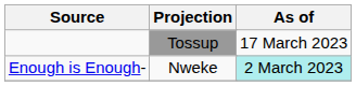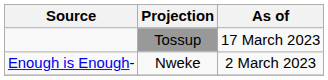 <table class="wikitable" style="text-align:center">
 <tr>
 <th>Source</th>
 <th colspan=2>Projection</th>
 <th>As of</th>
 </tr>
 <tr>
 <td align="left"></td>
 <td colspan=2 bgcolor=#999999>Tossup</td>
 <td>17 March 2023</td>
 </tr>
 <tr>
 <td align="left"><a href='#'>Enough is Enough</a>-<br></td>
 <td colspan=2 >Nweke</td>
-<td style="background: paleturquoise;">2 March 2023</td>
+<td>2 March 2023</td>
 </tr>
 <tr>
 </tr>
 </table>
